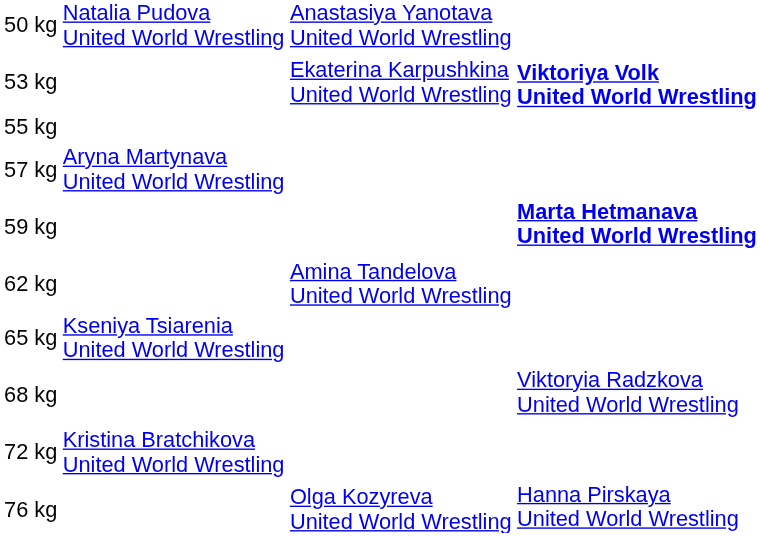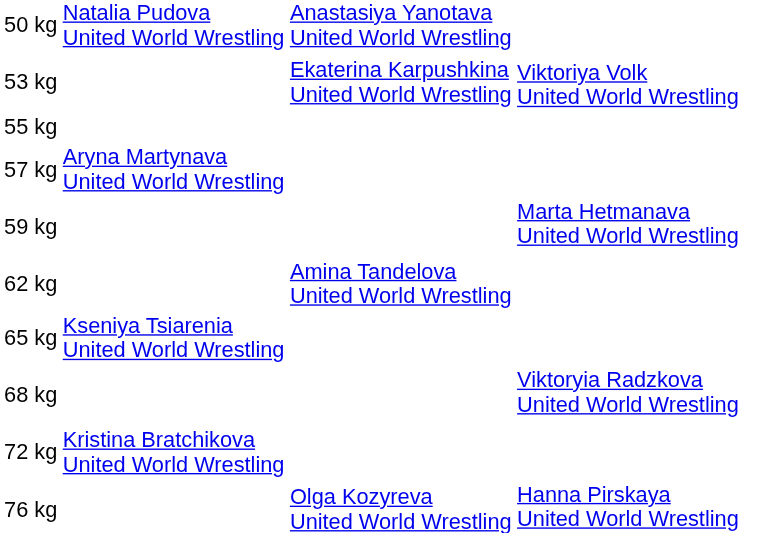 <table>
 <tr>
 <td rowspan=2>50 kg<br></td>
 <td rowspan=2><a href='#'>Natalia Pudova</a><br> <a href='#'>United World Wrestling</a></td>
 <td rowspan=2><a href='#'>Anastasiya Yanotava</a><br> <a href='#'>United World Wrestling</a></td>
 <td></td>
 </tr>
 <tr>
 <td></td>
 </tr>
 <tr>
 <td rowspan=2>53 kg<br></td>
 <td rowspan=2></td>
 <td rowspan=2><a href='#'>Ekaterina Karpushkina</a><br> <a href='#'>United World Wrestling</a></td>
 <td></td>
 </tr>
 <tr>
-<td><strong><a href='#'>Viktoriya Volk</a><br> <a href='#'>United World Wrestling</a></strong></td>
+<td><a href='#'>Viktoriya Volk</a><br> <a href='#'>United World Wrestling</a></td>
 </tr>
 <tr>
 <td rowspan=2>55 kg<br></td>
 <td rowspan=2></td>
 <td rowspan=2></td>
 <td></td>
 </tr>
 <tr>
 <td></td>
 </tr>
 <tr>
 <td rowspan=2>57 kg<br></td>
 <td rowspan=2><a href='#'>Aryna Martynava</a><br> <a href='#'>United World Wrestling</a></td>
 <td rowspan=2></td>
 <td></td>
 </tr>
 <tr>
 <td></td>
 </tr>
 <tr>
 <td rowspan=2>59 kg<br></td>
 <td rowspan=2></td>
 <td rowspan=2></td>
-<td><strong><a href='#'>Marta Hetmanava</a><br> <a href='#'>United World Wrestling</a></strong></td>
+<td><a href='#'>Marta Hetmanava</a><br> <a href='#'>United World Wrestling</a></td>
 </tr>
 <tr>
 <td></td>
 </tr>
 <tr>
 <td rowspan=2>62 kg<br></td>
 <td rowspan=2></td>
 <td rowspan=2><a href='#'>Amina Tandelova</a><br> <a href='#'>United World Wrestling</a></td>
 <td></td>
 </tr>
 <tr>
 <td></td>
 </tr>
 <tr>
 <td rowspan=2>65 kg<br></td>
 <td rowspan=2><a href='#'>Kseniya Tsiarenia</a><br> <a href='#'>United World Wrestling</a></td>
 <td rowspan=2></td>
 <td></td>
 </tr>
 <tr>
 <td></td>
 </tr>
 <tr>
 <td rowspan=2>68 kg<br></td>
 <td rowspan=2></td>
 <td rowspan=2></td>
 <td><a href='#'>Viktoryia Radzkova</a><br> <a href='#'>United World Wrestling</a></td>
 </tr>
 <tr>
 <td></td>
 </tr>
 <tr>
 <td rowspan=2>72 kg<br></td>
 <td rowspan=2><a href='#'>Kristina Bratchikova</a><br> <a href='#'>United World Wrestling</a></td>
 <td rowspan=2></td>
 <td></td>
 </tr>
 <tr>
 <td></td>
 </tr>
 <tr>
 <td rowspan=2>76 kg<br></td>
 <td rowspan=2></td>
 <td rowspan=2><a href='#'>Olga Kozyreva</a><br> <a href='#'>United World Wrestling</a></td>
 <td><a href='#'>Hanna Pirskaya</a><br> <a href='#'>United World Wrestling</a></td>
 </tr>
 <tr>
 <td></td>
 </tr>
 </table>
